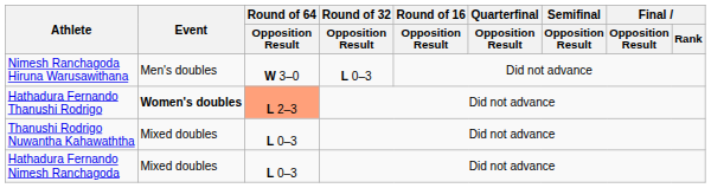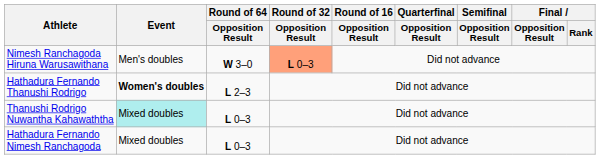 <table class="wikitable" style="font-size:90%;">
 <tr>
 <th rowspan=2>Athlete</th>
 <th rowspan=2>Event</th>
 <th>Round of 64</th>
 <th>Round of 32</th>
 <th>Round of 16</th>
 <th>Quarterfinal</th>
 <th>Semifinal</th>
 <th colspan=2>Final / </th>
 </tr>
 <tr style="font-size:95%">
 <th>Opposition<br>Result</th>
 <th>Opposition<br>Result</th>
 <th>Opposition<br>Result</th>
 <th>Opposition<br>Result</th>
 <th>Opposition<br>Result</th>
 <th>Opposition<br>Result</th>
 <th>Rank</th>
 </tr>
 <tr align=center>
 <td align=left><a href='#'>Nimesh Ranchagoda</a><br><a href='#'>Hiruna Warusawithana</a></td>
 <td align=left>Men's doubles</td>
 <td><br> <strong>W</strong> 3–0</td>
-<td><br> <strong>L</strong> 0–3</td>
+<td style="background: lightsalmon;"><br> <strong>L</strong> 0–3</td>
 <td colspan=7>Did not advance</td>
 </tr>
 <tr align=center>
 <td align=left><a href='#'>Hathadura Fernando</a><br><a href='#'>Thanushi Rodrigo</a></td>
 <td align=left><strong>Women's doubles</strong></td>
-<td style="background: lightsalmon;"><br> <strong>L</strong> 2–3</td>
+<td><br> <strong>L</strong> 2–3</td>
 <td colspan=7>Did not advance</td>
 </tr>
 <tr align=center>
 <td align=left><a href='#'>Thanushi Rodrigo</a><br><a href='#'>Nuwantha Kahawaththa</a></td>
-<td align=left>Mixed doubles</td>
+<td align=left style="background: paleturquoise;">Mixed doubles</td>
 <td><br> <strong>L</strong> 0–3</td>
 <td colspan=7>Did not advance</td>
 </tr>
 <tr align=center>
 <td align=left><a href='#'>Hathadura Fernando</a><br><a href='#'>Nimesh Ranchagoda</a></td>
 <td align=left>Mixed doubles</td>
 <td><br> <strong>L</strong> 0–3</td>
 <td colspan=7>Did not advance</td>
 </tr>
 </table>
